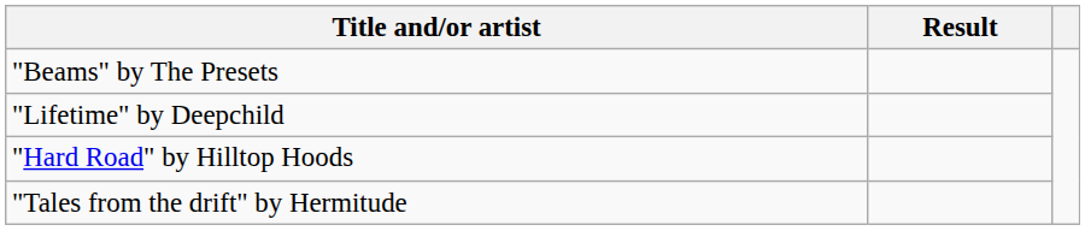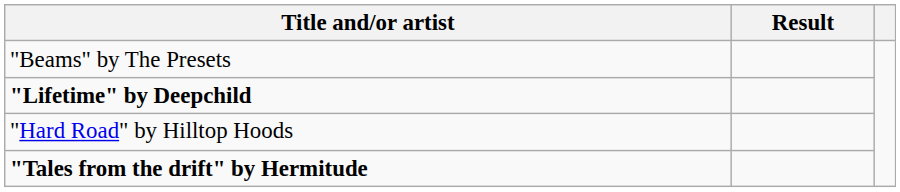 <table class="wikitable" width="100%">
 <tr>
 <th scope="col">Title and/or artist</th>
 <th scope="col">Result</th>
 <th scope="col"></th>
 </tr>
 <tr>
 <td>"Beams" by The Presets</td>
 <td></td>
 <td rowspan="4"></td>
 </tr>
 <tr>
-<td>"Lifetime" by Deepchild</td>
+<td><strong>"Lifetime" by Deepchild</strong></td>
 <td></td>
 </tr>
 <tr>
 <td>"<a href='#'>Hard Road</a>" by Hilltop Hoods</td>
 <td></td>
 </tr>
 <tr>
-<td>"Tales from the drift" by Hermitude</td>
+<td><strong>"Tales from the drift" by Hermitude</strong></td>
 <td></td>
 </tr>
 </table>
